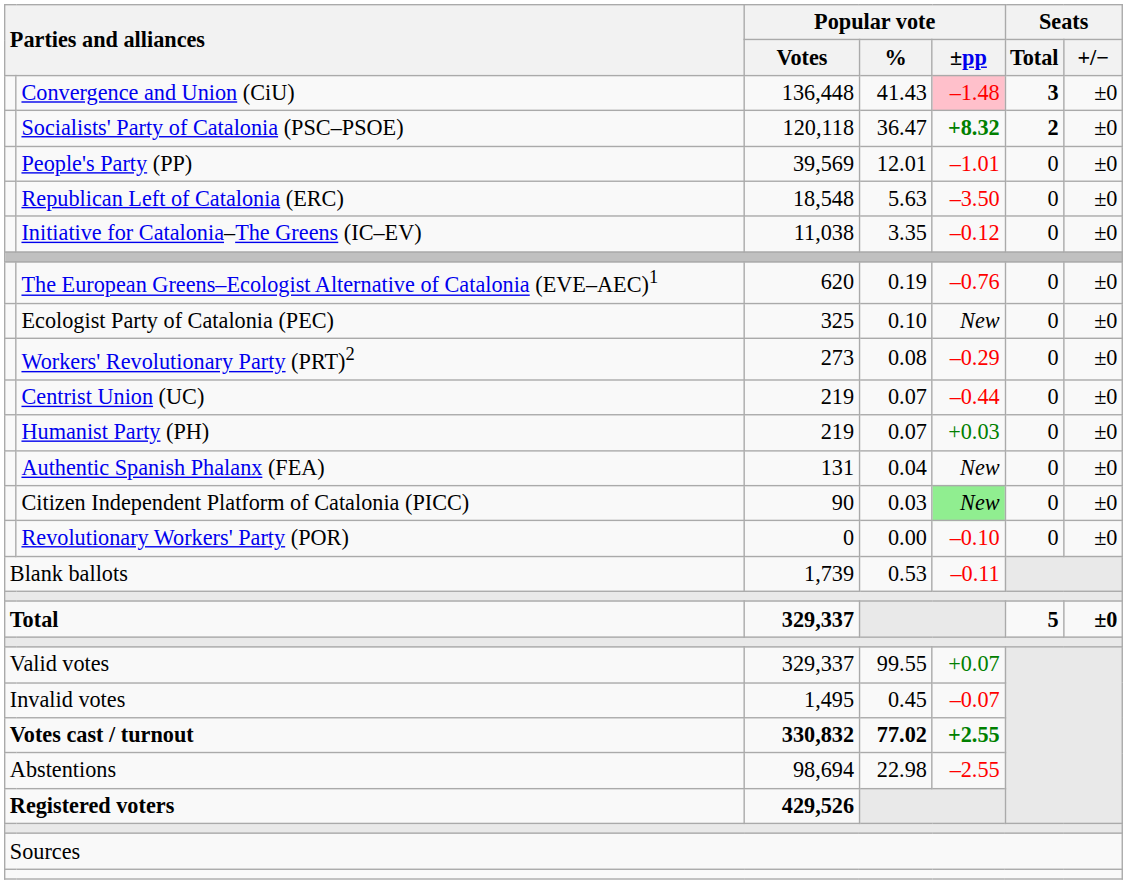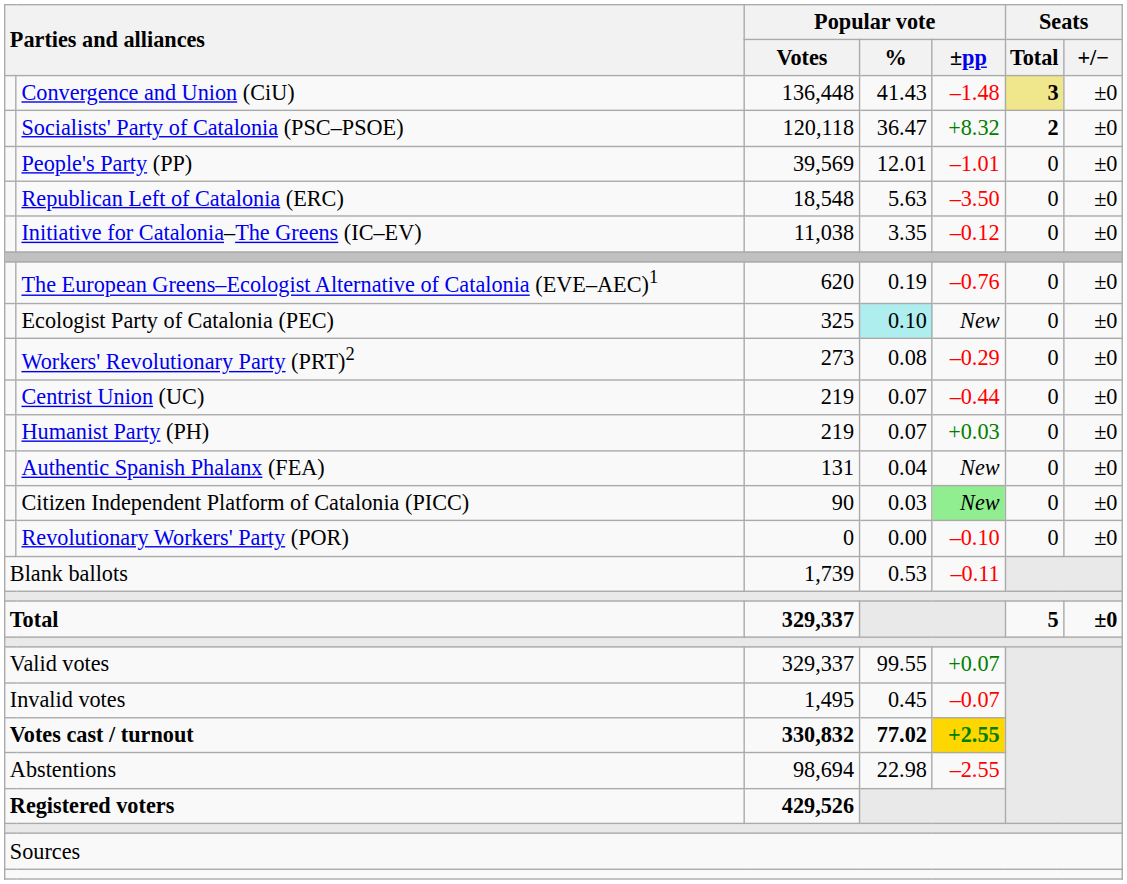 <table class="wikitable" style="text-align:right;">
 <tr>
 <th style="text-align:left;" rowspan="2" colspan="2" width="525">Parties and alliances</th>
 <th colspan="3">Popular vote</th>
 <th colspan="2">Seats</th>
 </tr>
 <tr>
 <th width="75">Votes</th>
 <th width="45">%</th>
 <th width="45">±<a href='#'>pp</a></th>
 <th width="35">Total</th>
 <th width="35">+/−</th>
 </tr>
 <tr>
 <td width="1" style="color:inherit;background:"></td>
 <td align="left"><a href='#'>Convergence and Union</a> (CiU)</td>
 <td>136,448</td>
 <td>41.43</td>
-<td style="background: pink; color:red;">–1.48</td>
-<td><strong>3</strong></td>
+<td style="color:red;">–1.48</td>
+<td style="background: khaki;"><strong>3</strong></td>
 <td>±0</td>
 </tr>
 <tr>
 <td style="color:inherit;background:"></td>
 <td align="left"><a href='#'>Socialists' Party of Catalonia</a> (PSC–PSOE)</td>
 <td>120,118</td>
 <td>36.47</td>
-<td style="color:green;"><strong>+8.32</strong></td>
+<td style="color:green;">+8.32</td>
 <td><strong>2</strong></td>
 <td>±0</td>
 </tr>
 <tr>
 <td style="color:inherit;background:"></td>
 <td align="left"><a href='#'>People's Party</a> (PP)</td>
 <td>39,569</td>
 <td>12.01</td>
 <td style="color:red;">–1.01</td>
 <td>0</td>
 <td>±0</td>
 </tr>
 <tr>
 <td style="color:inherit;background:"></td>
 <td align="left"><a href='#'>Republican Left of Catalonia</a> (ERC)</td>
 <td>18,548</td>
 <td>5.63</td>
 <td style="color:red;">–3.50</td>
 <td>0</td>
 <td>±0</td>
 </tr>
 <tr>
 <td style="color:inherit;background:"></td>
 <td align="left"><a href='#'>Initiative for Catalonia</a>–<a href='#'>The Greens</a> (IC–EV)</td>
 <td>11,038</td>
 <td>3.35</td>
 <td style="color:red;">–0.12</td>
 <td>0</td>
 <td>±0</td>
 </tr>
 <tr>
 <td colspan="7" bgcolor="#C0C0C0"></td>
 </tr>
 <tr>
 <td style="color:inherit;background:"></td>
 <td align="left"><a href='#'>The European Greens–Ecologist Alternative of Catalonia</a> (EVE–AEC)<sup>1</sup></td>
 <td>620</td>
 <td>0.19</td>
 <td style="color:red;">–0.76</td>
 <td>0</td>
 <td>±0</td>
 </tr>
 <tr>
 <td style="color:inherit;background:"></td>
 <td align="left">Ecologist Party of Catalonia (PEC)</td>
 <td>325</td>
-<td>0.10</td>
+<td style="background: paleturquoise;">0.10</td>
 <td><em>New</em></td>
 <td>0</td>
 <td>±0</td>
 </tr>
 <tr>
 <td style="color:inherit;background:"></td>
 <td align="left"><a href='#'>Workers' Revolutionary Party</a> (PRT)<sup>2</sup></td>
 <td>273</td>
 <td>0.08</td>
 <td style="color:red;">–0.29</td>
 <td>0</td>
 <td>±0</td>
 </tr>
 <tr>
 <td style="color:inherit;background:"></td>
 <td align="left"><a href='#'>Centrist Union</a> (UC)</td>
 <td>219</td>
 <td>0.07</td>
 <td style="color:red;">–0.44</td>
 <td>0</td>
 <td>±0</td>
 </tr>
 <tr>
 <td style="color:inherit;background:"></td>
 <td align="left"><a href='#'>Humanist Party</a> (PH)</td>
 <td>219</td>
 <td>0.07</td>
 <td style="color:green;">+0.03</td>
 <td>0</td>
 <td>±0</td>
 </tr>
 <tr>
 <td style="color:inherit;background:"></td>
 <td align="left"><a href='#'>Authentic Spanish Phalanx</a> (FEA)</td>
 <td>131</td>
 <td>0.04</td>
 <td><em>New</em></td>
 <td>0</td>
 <td>±0</td>
 </tr>
 <tr>
 <td style="color:inherit;background:"></td>
 <td align="left">Citizen Independent Platform of Catalonia (PICC)</td>
 <td>90</td>
 <td>0.03</td>
 <td style="background: lightgreen;"><em>New</em></td>
 <td>0</td>
 <td>±0</td>
 </tr>
 <tr>
 <td style="color:inherit;background:"></td>
 <td align="left"><a href='#'>Revolutionary Workers' Party</a> (POR)</td>
 <td>0</td>
 <td>0.00</td>
 <td style="color:red;">–0.10</td>
 <td>0</td>
 <td>±0</td>
 </tr>
 <tr>
 <td align="left" colspan="2">Blank ballots</td>
 <td>1,739</td>
 <td>0.53</td>
 <td style="color:red;">–0.11</td>
 <td bgcolor="#E9E9E9" colspan="2"></td>
 </tr>
 <tr>
 <td colspan="7" bgcolor="#E9E9E9"></td>
 </tr>
 <tr style="font-weight:bold;">
 <td align="left" colspan="2">Total</td>
 <td>329,337</td>
 <td bgcolor="#E9E9E9" colspan="2"></td>
 <td>5</td>
 <td>±0</td>
 </tr>
 <tr>
 <td colspan="7" bgcolor="#E9E9E9"></td>
 </tr>
 <tr>
 <td align="left" colspan="2">Valid votes</td>
 <td>329,337</td>
 <td>99.55</td>
 <td style="color:green;">+0.07</td>
 <td bgcolor="#E9E9E9" colspan="2" rowspan="5"></td>
 </tr>
 <tr>
 <td align="left" colspan="2">Invalid votes</td>
 <td>1,495</td>
 <td>0.45</td>
 <td style="color:red;">–0.07</td>
 </tr>
 <tr style="font-weight:bold;">
 <td align="left" colspan="2">Votes cast / turnout</td>
 <td>330,832</td>
 <td>77.02</td>
-<td style="color:green;">+2.55</td>
+<td style="background: gold; color:green;">+2.55</td>
 </tr>
 <tr>
 <td align="left" colspan="2">Abstentions</td>
 <td>98,694</td>
 <td>22.98</td>
 <td style="color:red;">–2.55</td>
 </tr>
 <tr style="font-weight:bold;">
 <td align="left" colspan="2">Registered voters</td>
 <td>429,526</td>
 <td bgcolor="#E9E9E9" colspan="2"></td>
 </tr>
 <tr>
 <td colspan="7" bgcolor="#E9E9E9"></td>
 </tr>
 <tr>
 <td align="left" colspan="7">Sources</td>
 </tr>
 <tr>
 <td colspan="7" style="text-align:left; max-width:790px;"></td>
 </tr>
 </table>
